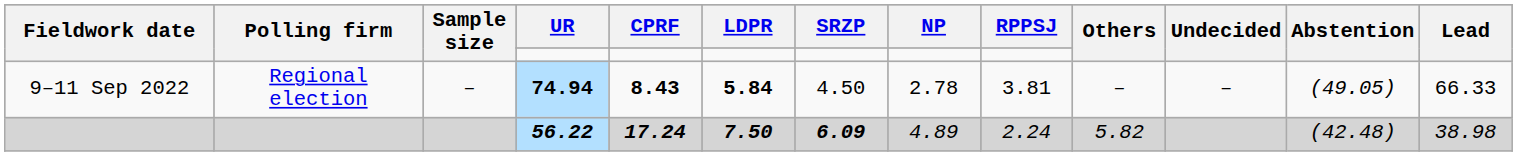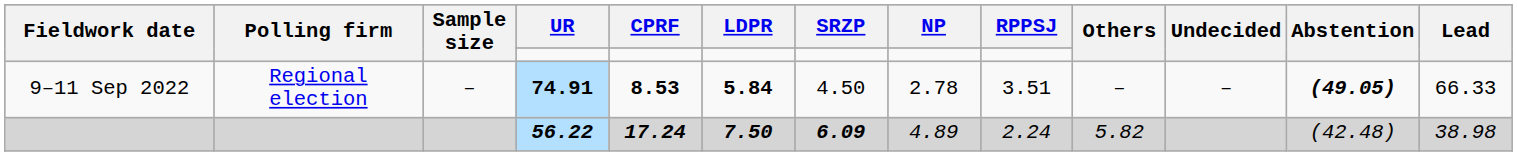 <table class=wikitable style="font-size:95%; line-height:14px; text-align:center">
 <tr>
 <th style=width:120px; rowspan=2>Fieldwork date</th>
 <th style=width:120px; rowspan=2>Polling firm</th>
 <th style=width:50px; rowspan=2>Sample<br>size</th>
 <th style="width:50px;"><a href='#'>UR</a></th>
 <th style="width:50px;"><a href='#'>CPRF</a></th>
 <th style="width:50px;"><a href='#'>LDPR</a></th>
 <th style="width:50px;"><a href='#'>SRZP</a></th>
 <th style="width:50px;"><a href='#'>NP</a></th>
 <th style="width:50px;"><a href='#'>RPPSJ</a></th>
 <th style="width:50px;" rowspan=2>Others</th>
 <th style="width:50px;" rowspan=2>Undecided</th>
 <th style="width:50px;" rowspan=2>Abstention</th>
 <th style="width:50px;" rowspan="2">Lead</th>
 </tr>
 <tr>
 <td bgcolor=></td>
 <td bgcolor=></td>
 <td bgcolor=></td>
 <td bgcolor=></td>
 <td bgcolor=></td>
 <td bgcolor=></td>
 </tr>
 <tr>
 <td>9–11 Sep 2022</td>
 <td><a href='#'>Regional election</a></td>
 <td>–</td>
-<td style="background:#B3E0FF"><strong>74.94</strong></td>
-<td><strong>8.43</strong></td>
+<td style="background:#B3E0FF"><strong>74.91</strong></td>
+<td><strong>8.53</strong></td>
 <td><strong>5.84</strong></td>
 <td>4.50</td>
 <td>2.78</td>
-<td>3.81</td>
+<td>3.51</td>
 <td>–</td>
 <td>–</td>
-<td><em>(49.05)</em></td>
+<td><strong><em>(49.05)</em></strong></td>
 <td style="background:">66.33</td>
 </tr>
 <tr style="background:#D5D5D5">
 <td></td>
 <td></td>
 <td></td>
 <td style="background:#B3E0FF"><strong><em>56.22</em></strong></td>
 <td><strong><em>17.24</em></strong></td>
 <td><strong><em>7.50</em></strong></td>
 <td><strong><em>6.09</em></strong></td>
 <td><em>4.89</em></td>
 <td><em>2.24</em></td>
 <td><em>5.82</em></td>
 <td></td>
 <td><em>(42.48)</em></td>
 <td style="background:"><em>38.98</em></td>
 </tr>
 </table>
